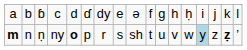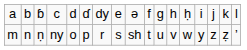 <table class="wikitable" style="text-align: center">
 <tr>
 <td>a</td>
 <td>b</td>
 <td>ɓ</td>
 <td>c</td>
 <td>d</td>
 <td>ɗ</td>
 <td>dy</td>
 <td>e</td>
 <td>ǝ</td>
 <td>f</td>
 <td>g</td>
 <td>h</td>
 <td>ḥ</td>
 <td>i</td>
 <td>j</td>
 <td>k</td>
 <td>l</td>
 </tr>
 <tr>
-<td><strong>m</strong></td>
+<td>m</td>
 <td>n</td>
 <td>ṇ</td>
 <td>ny</td>
-<td><strong>o</strong></td>
+<td>o</td>
 <td>p</td>
 <td>r</td>
 <td>s</td>
 <td>sh</td>
 <td>t</td>
 <td>u</td>
 <td>v</td>
 <td>w</td>
-<td style="background: lightblue;">y</td>
+<td>y</td>
 <td>z</td>
-<td><strong>ẓ</strong></td>
+<td>ẓ</td>
 <td>ʼ</td>
 </tr>
 </table>
